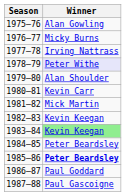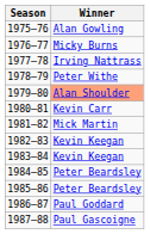 <table class="wikitable">
 <tr>
 <th>Season</th>
 <th>Winner</th>
 </tr>
 <tr>
 <td>1975–76</td>
 <td><a href='#'>Alan Gowling</a></td>
 </tr>
 <tr>
 <td>1976–77</td>
 <td><a href='#'>Micky Burns</a></td>
 </tr>
 <tr>
 <td>1977–78</td>
 <td><a href='#'>Irving Nattrass</a></td>
 </tr>
 <tr>
 <td>1978–79</td>
-<td style="background: lavender;"><a href='#'>Peter Withe</a></td>
+<td><a href='#'>Peter Withe</a></td>
 </tr>
 <tr>
 <td>1979–80</td>
-<td><a href='#'>Alan Shoulder</a></td>
+<td style="background: lightsalmon;"><a href='#'>Alan Shoulder</a></td>
 </tr>
 <tr>
 <td>1980–81</td>
 <td><a href='#'>Kevin Carr</a></td>
 </tr>
 <tr>
 <td>1981–82</td>
 <td><a href='#'>Mick Martin</a></td>
 </tr>
 <tr>
 <td>1982–83</td>
 <td><a href='#'>Kevin Keegan</a></td>
 </tr>
 <tr>
 <td>1983–84</td>
-<td style="background: lightgreen;"><a href='#'>Kevin Keegan</a></td>
+<td><a href='#'>Kevin Keegan</a></td>
 </tr>
 <tr>
 <td>1984–85</td>
 <td><a href='#'>Peter Beardsley</a></td>
 </tr>
 <tr>
 <td>1985–86</td>
-<td><strong><a href='#'>Peter Beardsley</a></strong></td>
+<td><a href='#'>Peter Beardsley</a></td>
 </tr>
 <tr>
 <td>1986–87</td>
 <td><a href='#'>Paul Goddard</a></td>
 </tr>
 <tr>
 <td>1987–88</td>
 <td><a href='#'>Paul Gascoigne</a></td>
 </tr>
 </table>
